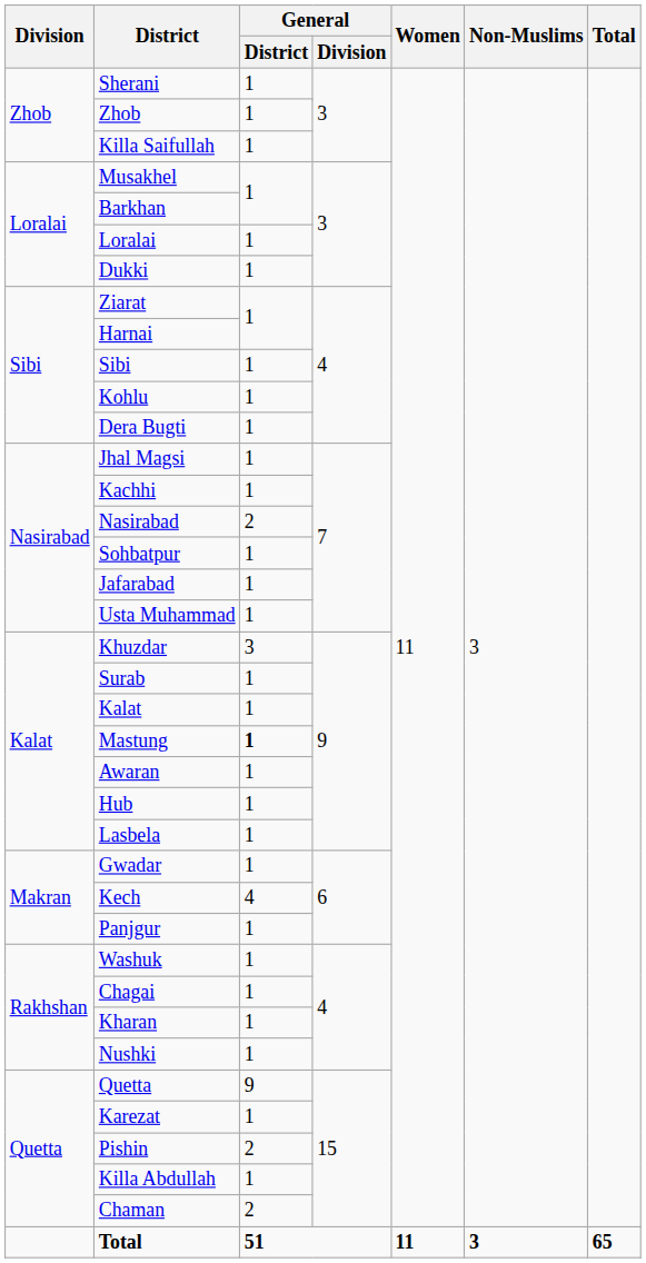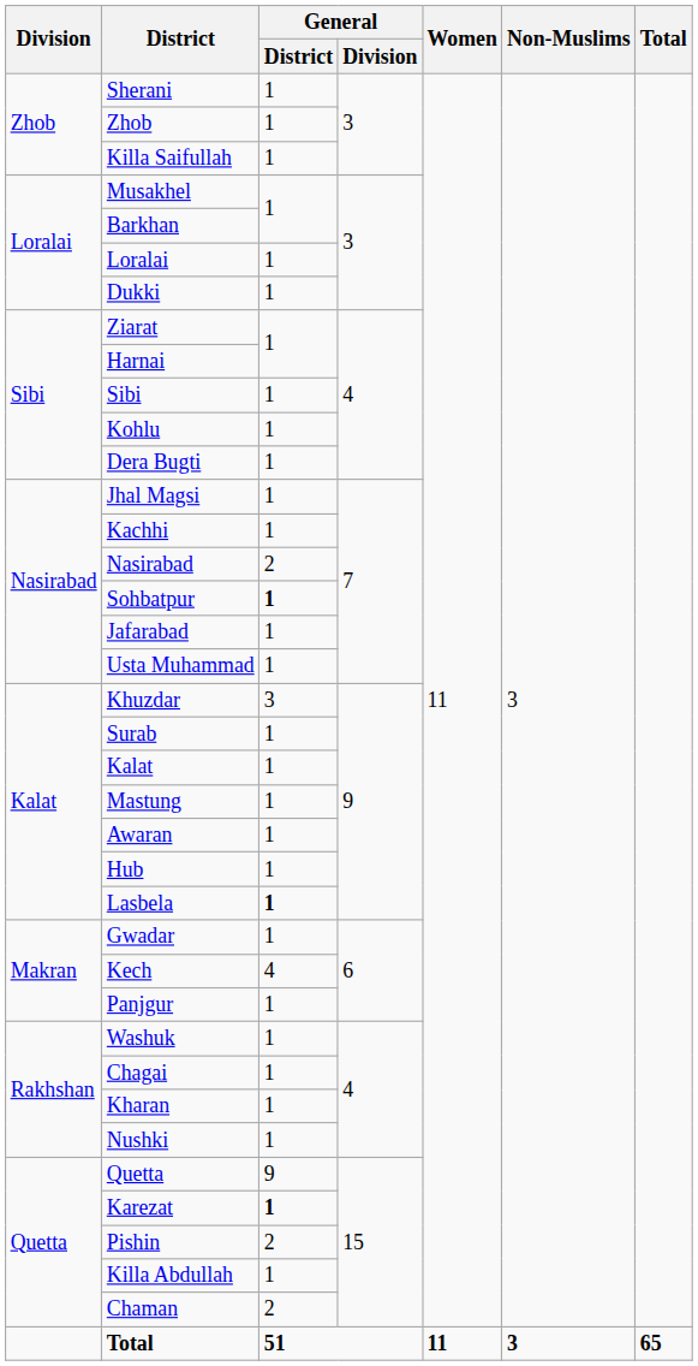 <table class="wikitable">
 <tr>
 <th rowspan="2">Division</th>
 <th rowspan="2">District</th>
 <th colspan="2">General</th>
 <th rowspan="2">Women</th>
 <th rowspan="2">Non-Muslims</th>
 <th rowspan="2"><strong>Total</strong></th>
 </tr>
 <tr>
 <th>District</th>
 <th>Division</th>
 </tr>
 <tr>
 <td rowspan="4"><a href='#'>Zhob</a></td>
 <td><a href='#'>Sherani</a></td>
 <td rowspan="2">1</td>
 <td rowspan="4">3</td>
 <td rowspan="38">11</td>
 <td rowspan="38">3</td>
 <td rowspan="38"></td>
 </tr>
 <tr>
 <td rowspan="2"><a href='#'>Zhob</a></td>
 </tr>
 <tr>
 <td>1</td>
 </tr>
 <tr>
 <td><a href='#'>Killa Saifullah</a></td>
 <td>1</td>
 </tr>
 <tr>
 <td rowspan="4"><a href='#'>Loralai</a></td>
 <td><a href='#'>Musakhel</a></td>
 <td rowspan="2">1</td>
 <td rowspan="4">3</td>
 </tr>
 <tr>
 <td><a href='#'>Barkhan</a></td>
 </tr>
 <tr>
 <td><a href='#'>Loralai</a></td>
 <td>1</td>
 </tr>
 <tr>
 <td><a href='#'>Dukki</a></td>
 <td>1</td>
 </tr>
 <tr>
 <td rowspan="5"><a href='#'>Sibi</a></td>
 <td><a href='#'>Ziarat</a></td>
 <td rowspan="2">1</td>
 <td rowspan="5">4</td>
 </tr>
 <tr>
 <td><a href='#'>Harnai</a></td>
 </tr>
 <tr>
 <td><a href='#'>Sibi</a></td>
 <td>1</td>
 </tr>
 <tr>
 <td><a href='#'>Kohlu</a></td>
 <td>1</td>
 </tr>
 <tr>
 <td><a href='#'>Dera Bugti</a></td>
 <td>1</td>
 </tr>
 <tr>
 <td rowspan="6"><a href='#'>Nasirabad</a></td>
 <td><a href='#'>Jhal Magsi</a></td>
 <td>1</td>
 <td rowspan="6">7</td>
 </tr>
 <tr>
 <td><a href='#'>Kachhi</a></td>
 <td>1</td>
 </tr>
 <tr>
 <td><a href='#'>Nasirabad</a></td>
 <td>2</td>
 </tr>
 <tr>
 <td><a href='#'>Sohbatpur</a></td>
-<td>1</td>
+<td><strong>1</strong></td>
 </tr>
 <tr>
 <td><a href='#'>Jafarabad</a></td>
 <td>1</td>
 </tr>
 <tr>
 <td><a href='#'>Usta Muhammad</a></td>
 <td>1</td>
 </tr>
 <tr>
 <td rowspan="7"><a href='#'>Kalat</a></td>
 <td><a href='#'>Khuzdar</a></td>
 <td>3</td>
 <td rowspan="7">9</td>
 </tr>
 <tr>
 <td><a href='#'>Surab</a></td>
 <td>1</td>
 </tr>
 <tr>
 <td><a href='#'>Kalat</a></td>
 <td>1</td>
 </tr>
 <tr>
 <td><a href='#'>Mastung</a></td>
-<td><strong>1</strong></td>
+<td>1</td>
 </tr>
 <tr>
 <td><a href='#'>Awaran</a></td>
 <td>1</td>
 </tr>
 <tr>
 <td><a href='#'>Hub</a></td>
 <td>1</td>
 </tr>
 <tr>
 <td><a href='#'>Lasbela</a></td>
-<td>1</td>
+<td><strong>1</strong></td>
 </tr>
 <tr>
 <td rowspan="3"><a href='#'>Makran</a></td>
 <td><a href='#'>Gwadar</a></td>
 <td>1</td>
 <td rowspan="3">6</td>
 </tr>
 <tr>
 <td><a href='#'>Kech</a></td>
 <td>4</td>
 </tr>
 <tr>
 <td><a href='#'>Panjgur</a></td>
 <td>1</td>
 </tr>
 <tr>
 <td rowspan="4"><a href='#'>Rakhshan</a></td>
 <td><a href='#'>Washuk</a></td>
 <td>1</td>
 <td rowspan="4">4</td>
 </tr>
 <tr>
 <td><a href='#'>Chagai</a></td>
 <td>1</td>
 </tr>
 <tr>
 <td><a href='#'>Kharan</a></td>
 <td>1</td>
 </tr>
 <tr>
 <td><a href='#'>Nushki</a></td>
 <td>1</td>
 </tr>
 <tr>
 <td rowspan="5"><a href='#'>Quetta</a></td>
 <td><a href='#'>Quetta</a></td>
 <td>9</td>
 <td rowspan="5">15</td>
 </tr>
 <tr>
 <td><a href='#'>Karezat</a></td>
-<td>1</td>
+<td><strong>1</strong></td>
 </tr>
 <tr>
 <td><a href='#'>Pishin</a></td>
 <td>2</td>
 </tr>
 <tr>
 <td><a href='#'>Killa Abdullah</a></td>
 <td>1</td>
 </tr>
 <tr>
 <td><a href='#'>Chaman</a></td>
 <td>2</td>
 </tr>
 <tr>
 <td></td>
 <td><strong>Total</strong></td>
 <td colspan="2"><strong>51</strong></td>
 <td><strong>11</strong></td>
 <td><strong>3</strong></td>
 <td><strong>65</strong></td>
 </tr>
 </table>
